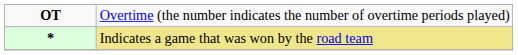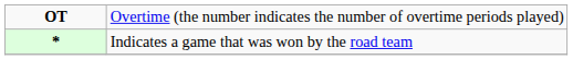 <table class="wikitable plainrowheaders">
 <tr>
 <th scope="row" style="background-color:transparent">OT</th>
 <td><a href='#'>Overtime</a> (the number indicates the number of overtime periods played)</td>
 </tr>
 <tr>
 <th scope="row" style="background-color:#ddffdd; width:6em">*</th>
-<td style="background: khaki;">Indicates a game that was won by the <a href='#'>road team</a></td>
+<td>Indicates a game that was won by the <a href='#'>road team</a></td>
 </tr>
 <tr Alex>
 </tr>
 </table>
